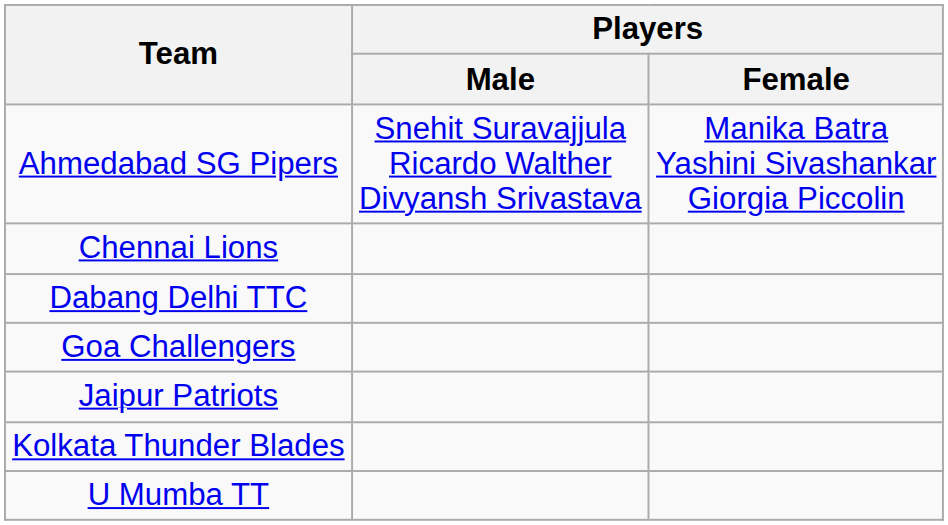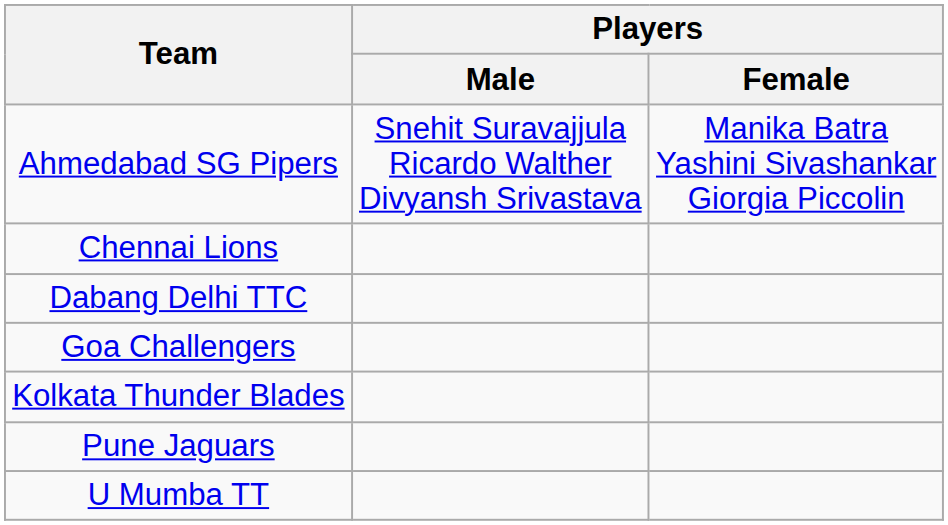 <table class="wikitable sortable" style="text-align:center;">
 <tr>
 <th rowspan=2>Team</th>
 <th colspan=2>Players</th>
 </tr>
 <tr>
 <th>Male</th>
 <th>Female</th>
 </tr>
 <tr>
 <td><a href='#'>Ahmedabad SG Pipers</a></td>
 <td> <a href='#'>Snehit Suravajjula</a><br> <a href='#'>Ricardo Walther</a><br> <a href='#'>Divyansh Srivastava</a></td>
 <td> <a href='#'>Manika Batra</a><br> <a href='#'>Yashini Sivashankar</a><br>  <a href='#'>Giorgia Piccolin</a></td>
 </tr>
 <tr>
 <td><a href='#'>Chennai Lions</a></td>
 <td></td>
 <td></td>
 </tr>
 <tr>
 <td><a href='#'>Dabang Delhi TTC</a></td>
 <td></td>
 <td></td>
 </tr>
 <tr>
 <td><a href='#'>Goa Challengers</a></td>
 <td></td>
 <td></td>
 </tr>
 <tr>
-<td><a href='#'>Jaipur Patriots</a></td>
+<td><a href='#'>Kolkata Thunder Blades</a></td>
 <td></td>
 <td></td>
 </tr>
 <tr>
-<td><a href='#'>Kolkata Thunder Blades</a></td>
+<td><a href='#'>Pune Jaguars</a></td>
 <td></td>
 <td></td>
 </tr>
 <tr>
 <td><a href='#'>U Mumba TT</a></td>
 <td></td>
 <td></td>
 </tr>
 </table>
